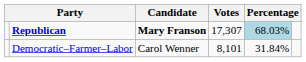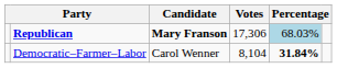 <table class="wikitable" style="text-align:right;">
 <tr style="background-color:#E9E9E9;text-align:center;">
 <th colspan=2>Party</th>
 <th>Candidate</th>
 <th>Votes</th>
 <th colspan=2>Percentage</th>
 </tr>
 <tr>
 <td style="background-color:"></td>
 <td style="text-align:left;"><strong><a href='#'>Republican</a></strong></td>
 <td style="text-align:left;"><strong>Mary Franson</strong></td>
-<td style="text-align:right;">17,307</td>
+<td style="text-align:right;">17,306</td>
 <td style="background: lightblue; text-align:right;">68.03%</td>
 <td style="text-align:right;"><div><div> </div></div></td>
 </tr>
 <tr>
 <td style="background-color:"></td>
 <td style="text-align:left;"><a href='#'>Democratic–Farmer–Labor</a></td>
 <td style="text-align:left;">Carol Wenner</td>
-<td style="text-align:right;">8,101</td>
-<td style="text-align:right;">31.84%</td>
+<td style="text-align:right;">8,104</td>
+<td style="text-align:right;"><strong>31.84%</strong></td>
 <td style="text-align:right;"><div><div> </div></div></td>
 </tr>
 </table>
